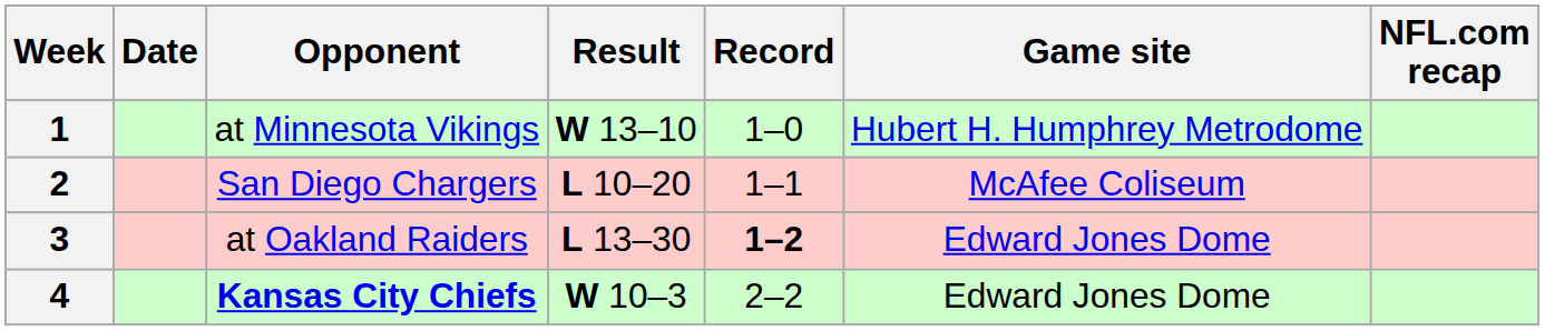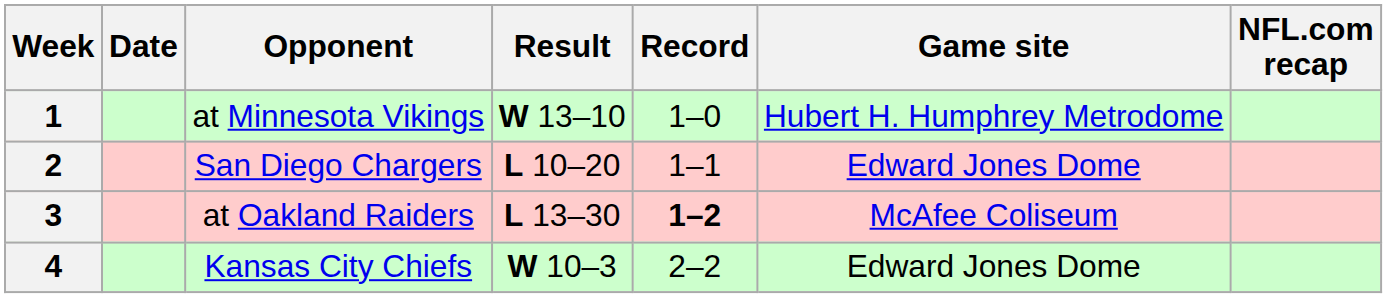 <table class="wikitable" style="text-align:center">
 <tr>
 <th>Week</th>
 <th>Date</th>
 <th>Opponent</th>
 <th>Result</th>
 <th>Record</th>
 <th>Game site</th>
 <th>NFL.com<br>recap</th>
 </tr>
 <tr style="background:#cfc;">
 <th style="text-align:center;">1</th>
 <td style="text-align:center;"></td>
 <td>at <a href='#'>Minnesota Vikings</a></td>
 <td style="text-align:center;"><strong>W</strong> 13–10</td>
 <td style="text-align:center;">1–0</td>
 <td style="text-align:center;"><a href='#'>Hubert H. Humphrey Metrodome</a></td>
 <td></td>
 </tr>
 <tr style="background:#fcc;">
 <th style="text-align:center;">2</th>
 <td style="text-align:center;"></td>
 <td><a href='#'>San Diego Chargers</a></td>
 <td style="text-align:center;"><strong>L</strong> 10–20</td>
 <td style="text-align:center;">1–1</td>
-<td style="text-align:center;"><a href='#'>McAfee Coliseum</a></td>
+<td style="text-align:center;"><a href='#'>Edward Jones Dome</a></td>
 <td></td>
 </tr>
 <tr style="background:#fcc;">
 <th style="text-align:center;">3</th>
 <td style="text-align:center;"></td>
 <td>at <a href='#'>Oakland Raiders</a></td>
 <td style="text-align:center;"><strong>L</strong> 13–30</td>
 <td style="text-align:center;"><strong>1–2</strong></td>
-<td style="text-align:center;"><a href='#'>Edward Jones Dome</a></td>
+<td style="text-align:center;"><a href='#'>McAfee Coliseum</a></td>
 <td></td>
 </tr>
 <tr style="background:#cfc;">
 <th style="text-align:center;">4</th>
 <td style="text-align:center;"></td>
-<td><strong><a href='#'>Kansas City Chiefs</a></strong></td>
+<td><a href='#'>Kansas City Chiefs</a></td>
 <td style="text-align:center;"><strong>W</strong> 10–3</td>
 <td style="text-align:center;">2–2</td>
 <td style="text-align:center;">Edward Jones Dome</td>
 <td></td>
 </tr>
 </table>
